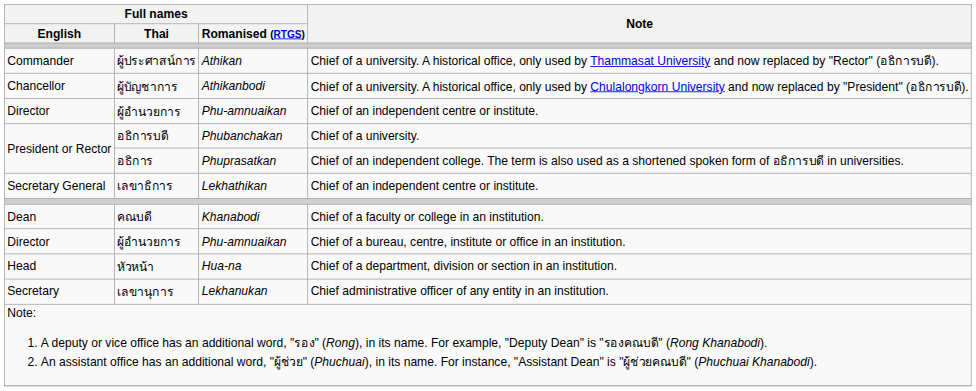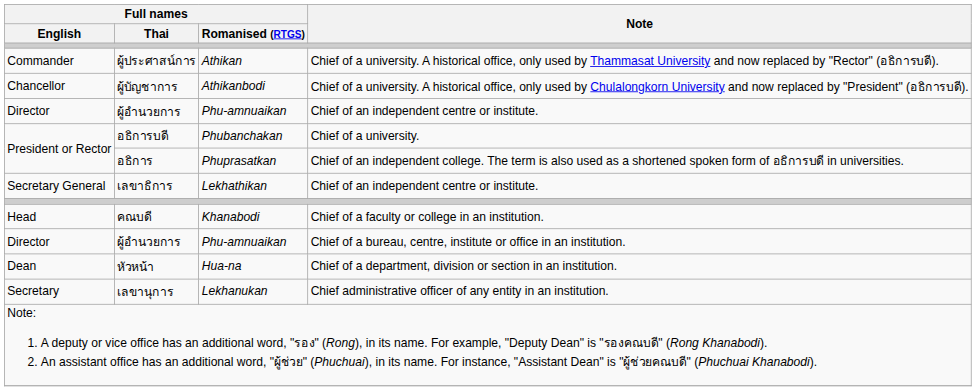 <table class="wikitable" style="text-align:left; font-size:90%;">
 <tr>
 <th colspan=3>Full names</th>
 <th rowspan=2>Note</th>
 </tr>
 <tr>
 <th>English</th>
 <th>Thai</th>
 <th>Romanised <small>(<a href='#'>RTGS</a>)</small></th>
 </tr>
 <tr>
 <td align = "center" colspan="30" bgcolor="#cecece"></td>
 </tr>
 <tr>
 <td>Commander</td>
 <td>ผู้ประศาสน์การ</td>
 <td><em>Athikan</em></td>
 <td>Chief of a university. A historical office, only used by <a href='#'>Thammasat University</a> and now replaced by "Rector" (อธิการบดี).</td>
 </tr>
 <tr>
 <td>Chancellor</td>
 <td>ผู้บัญชาการ</td>
 <td><em>Athikanbodi</em></td>
 <td>Chief of a university. A historical office, only used by <a href='#'>Chulalongkorn University</a> and now replaced by "President" (อธิการบดี).</td>
 </tr>
 <tr>
 <td>Director</td>
 <td>ผู้อำนวยการ</td>
 <td><em>Phu-amnuaikan</em></td>
 <td>Chief of an independent centre or institute.</td>
 </tr>
 <tr>
 <td rowspan = "2">President or Rector</td>
 <td>อธิการบดี</td>
 <td><em>Phubanchakan</em></td>
 <td>Chief of a university.</td>
 </tr>
 <tr>
 <td>อธิการ</td>
 <td><em>Phuprasatkan</em></td>
 <td>Chief of an independent college. The term is also used as a shortened spoken form of อธิการบดี in universities.</td>
 </tr>
 <tr>
 <td>Secretary General</td>
 <td>เลขาธิการ</td>
 <td><em>Lekhathikan</em></td>
 <td>Chief of an independent centre or institute.</td>
 </tr>
 <tr>
 <td align = "center" colspan="30" bgcolor="#cecece"></td>
 </tr>
 <tr>
-<td>Dean</td>
+<td>Head</td>
 <td>คณบดี</td>
 <td><em>Khanabodi</em></td>
 <td>Chief of a faculty or college in an institution.</td>
 </tr>
 <tr>
 <td>Director</td>
 <td>ผู้อำนวยการ</td>
 <td><em>Phu-amnuaikan</em></td>
 <td>Chief of a bureau, centre, institute or office in an institution.</td>
 </tr>
 <tr>
-<td>Head</td>
+<td>Dean</td>
 <td>หัวหน้า</td>
 <td><em>Hua-na</em></td>
 <td>Chief of a department, division or section in an institution.</td>
 </tr>
 <tr>
 <td>Secretary</td>
 <td>เลขานุการ</td>
 <td><em>Lekhanukan</em></td>
 <td>Chief administrative officer of any entity in an institution.</td>
 </tr>
 <tr>
 <td align = "left" colspan="30">Note:<br><ol><li>A deputy or vice office has an additional word, "รอง" (<em>Rong</em>), in its name. For example, "Deputy Dean" is "รองคณบดี" (<em>Rong Khanabodi</em>).</li><li>An assistant office has an additional word, "ผู้ช่วย" (<em>Phuchuai</em>), in its name. For instance, "Assistant Dean" is "ผู้ช่วยคณบดี" (<em>Phuchuai Khanabodi</em>).</li></ol></td>
 </tr>
 <tr>
 </tr>
 </table>
